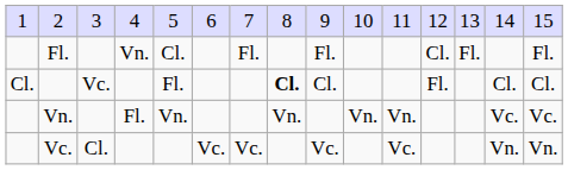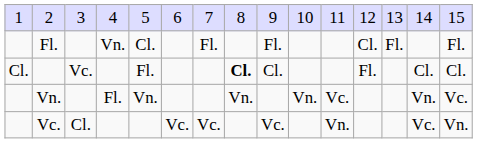 <table class="wikitable" border="1" align="center" style="margin: 1em auto 1em auto; text-align:center; width:200px">
 <tr bgcolor=#DDDDFF>
 <td>1</td>
 <td>2</td>
 <td>3</td>
 <td>4</td>
 <td>5</td>
 <td>6</td>
 <td>7</td>
 <td>8</td>
 <td>9</td>
 <td>10</td>
 <td>11</td>
 <td>12</td>
 <td>13</td>
 <td>14</td>
 <td>15</td>
 </tr>
 <tr>
 <td></td>
 <td>Fl.</td>
 <td></td>
 <td>Vn.</td>
 <td>Cl.</td>
 <td></td>
 <td>Fl.</td>
 <td></td>
 <td>Fl.</td>
 <td></td>
 <td></td>
 <td>Cl.</td>
 <td>Fl.</td>
 <td></td>
 <td>Fl.</td>
 </tr>
 <tr>
 <td>Cl.</td>
 <td></td>
 <td>Vc.</td>
 <td></td>
 <td>Fl.</td>
 <td></td>
 <td></td>
 <td><strong>Cl.</strong></td>
 <td>Cl.</td>
 <td></td>
 <td></td>
 <td>Fl.</td>
 <td></td>
 <td>Cl.</td>
 <td>Cl.</td>
 </tr>
 <tr>
 <td></td>
 <td>Vn.</td>
 <td></td>
 <td>Fl.</td>
 <td>Vn.</td>
 <td></td>
 <td></td>
 <td>Vn.</td>
 <td></td>
 <td>Vn.</td>
-<td>Vn.</td>
+<td>Vc.</td>
 <td></td>
 <td></td>
-<td>Vc.</td>
+<td>Vn.</td>
 <td>Vc.</td>
 </tr>
 <tr>
 <td></td>
 <td>Vc.</td>
 <td>Cl.</td>
 <td></td>
 <td></td>
 <td>Vc.</td>
 <td>Vc.</td>
 <td></td>
 <td>Vc.</td>
 <td></td>
-<td>Vc.</td>
+<td>Vn.</td>
 <td></td>
 <td></td>
-<td>Vn.</td>
+<td>Vc.</td>
 <td>Vn.</td>
 </tr>
 </table>
